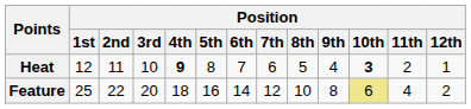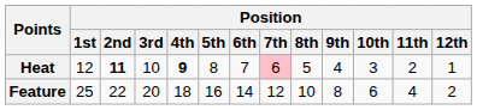 <table class="wikitable" style="font-size:85%; text-align:center">
 <tr>
 <th rowspan=2>Points</th>
 <th colspan=28>Position</th>
 </tr>
 <tr>
 <th>1st</th>
 <th>2nd</th>
 <th>3rd</th>
 <th>4th</th>
 <th>5th</th>
 <th>6th</th>
 <th>7th</th>
 <th>8th</th>
 <th>9th</th>
 <th>10th</th>
 <th>11th</th>
 <th>12th</th>
 </tr>
 <tr>
 <th>Heat</th>
 <td>12</td>
-<td>11</td>
+<td><strong>11</strong></td>
 <td>10</td>
 <td><strong>9</strong></td>
 <td>8</td>
 <td>7</td>
-<td>6</td>
+<td style="background: pink;">6</td>
 <td>5</td>
 <td>4</td>
-<td><strong>3</strong></td>
+<td>3</td>
 <td>2</td>
 <td>1</td>
 </tr>
 <tr>
 <th>Feature</th>
 <td>25</td>
 <td>22</td>
 <td>20</td>
 <td>18</td>
 <td>16</td>
 <td>14</td>
 <td>12</td>
 <td>10</td>
 <td>8</td>
-<td style="background: khaki;">6</td>
+<td>6</td>
 <td>4</td>
 <td>2</td>
 </tr>
 </table>
